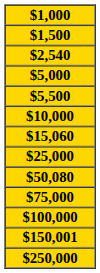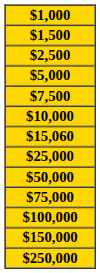 <table border=1 cellspacing=0 cellpadding=1 width=100px style="background:gold;text-align:center">
 <tr>
 <td><strong>$1,000</strong></td>
 </tr>
 <tr>
 <td><strong>$1,500</strong></td>
 </tr>
 <tr>
-<td><strong>$2,540</strong></td>
+<td><strong>$2,500</strong></td>
 </tr>
 <tr>
 <td><strong>$5,000</strong></td>
 </tr>
 <tr>
-<td><strong>$5,500</strong></td>
+<td><strong>$7,500</strong></td>
 </tr>
 <tr>
 <td><strong>$10,000</strong></td>
 </tr>
 <tr>
 <td><strong>$15,060</strong></td>
 </tr>
 <tr>
 <td><strong>$25,000</strong></td>
 </tr>
 <tr>
-<td><strong>$50,080</strong></td>
+<td><strong>$50,000</strong></td>
 </tr>
 <tr>
 <td><strong>$75,000</strong></td>
 </tr>
 <tr>
 <td><strong>$100,000</strong></td>
 </tr>
 <tr>
-<td><strong>$150,001</strong></td>
+<td><strong>$150,000</strong></td>
 </tr>
 <tr>
 <td><strong>$250,000</strong></td>
 </tr>
 </table>
